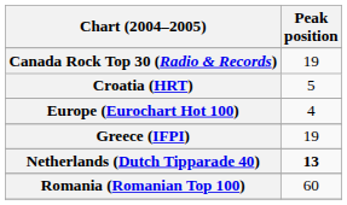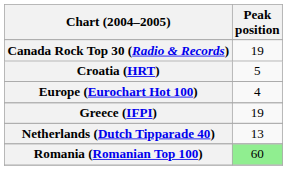 <table class="wikitable sortable plainrowheaders" style="text-align:center">
 <tr>
 <th scope="col">Chart (2004–2005)</th>
 <th scope="col">Peak<br>position</th>
 </tr>
 <tr>
 </tr>
 <tr>
 </tr>
 <tr>
 </tr>
 <tr>
 </tr>
 <tr>
 <th scope="row">Canada Rock Top 30 (<em><a href='#'>Radio & Records</a></em>)</th>
 <td>19</td>
 </tr>
 <tr>
 <th scope="row">Croatia (<a href='#'>HRT</a>)</th>
 <td>5</td>
 </tr>
 <tr>
 </tr>
 <tr>
 <th scope="row">Europe (<a href='#'>Eurochart Hot 100</a>)</th>
 <td>4</td>
 </tr>
 <tr>
 </tr>
 <tr>
 <th scope="row">Greece (<a href='#'>IFPI</a>)</th>
 <td>19</td>
 </tr>
 <tr>
 </tr>
 <tr>
 </tr>
 <tr>
 </tr>
 <tr>
 <th scope="row">Netherlands (<a href='#'>Dutch Tipparade 40</a>)</th>
-<td><strong>13</strong></td>
+<td>13</td>
 </tr>
 <tr>
 </tr>
 <tr>
 </tr>
 <tr>
 <th scope="row">Romania (<a href='#'>Romanian Top 100</a>)</th>
-<td>60</td>
+<td style="background: lightgreen;">60</td>
 </tr>
 <tr>
 </tr>
 <tr>
 </tr>
 <tr>
 </tr>
 <tr>
 </tr>
 <tr>
 </tr>
 <tr>
 </tr>
 </table>
